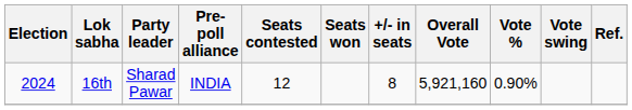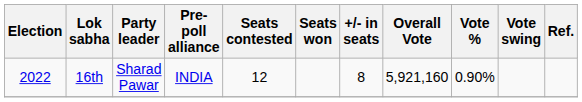 <table class="wikitable" style="text-align:center">
 <tr>
 <th style="background-color:">Election</th>
 <th style="background-color:">Lok sabha</th>
 <th style="background-color:">Party leader</th>
 <th style="background-color:">Pre-poll alliance</th>
 <th style="background-color:">Seats contested</th>
 <th style="background-color:">Seats won</th>
 <th style="background-color:">+/- in seats</th>
 <th style="background-color:">Overall Vote</th>
 <th style="background-color:">Vote %</th>
 <th style="background-color:">Vote swing</th>
 <th style="background-color:">Ref.</th>
 </tr>
 <tr>
-<td><a href='#'>2024</a></td>
+<td><a href='#'>2022</a></td>
 <td><a href='#'>16th</a></td>
 <td><a href='#'>Sharad Pawar</a></td>
 <td><a href='#'>INDIA</a></td>
 <td>12</td>
 <td></td>
 <td>8</td>
 <td>5,921,160</td>
 <td>0.90%</td>
 <td></td>
 <td></td>
 </tr>
 <tr>
 </tr>
 </table>
